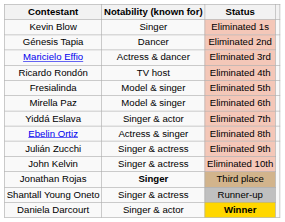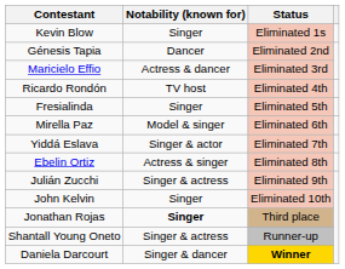 <table class= "wikitable sortable" style="text-align: center; margin:auto; align: center">
 <tr>
 <th>Contestant</th>
 <th>Notability (known for)</th>
 <th>Status</th>
 <th class="unsortable"></th>
 </tr>
 <tr>
 <td>Kevin Blow</td>
 <td>Singer</td>
 <td style="background:#f4c7b8">Eliminated 1s<br></td>
 <td></td>
 </tr>
 <tr>
 <td>Génesis Tapia</td>
 <td>Dancer</td>
 <td style="background:#f4c7b8">Eliminated 2nd<br></td>
 <td rowspan=2></td>
 </tr>
 <tr>
 <td><a href='#'>Maricielo Effio</a></td>
 <td>Actress & dancer</td>
 <td style="background:#f4c7b8">Eliminated 3rd<br></td>
 </tr>
 <tr>
 <td>Ricardo Rondón</td>
 <td>TV host</td>
 <td style="background:#f4c7b8">Eliminated 4th<br></td>
 <td></td>
 </tr>
 <tr>
 <td>Fresialinda</td>
-<td>Model & singer</td>
+<td>Singer</td>
 <td style="background:#f4c7b8">Eliminated 5th<br></td>
 <td></td>
 </tr>
 <tr>
 <td>Mirella Paz</td>
 <td>Model & singer</td>
 <td style="background:#f4c7b8">Eliminated 6th<br></td>
 <td></td>
 </tr>
 <tr>
 <td>Yiddá Eslava</td>
 <td>Singer & actor</td>
 <td style="background:#f4c7b8">Eliminated 7th<br></td>
 <td></td>
 </tr>
 <tr>
 <td><a href='#'>Ebelin Ortiz</a></td>
 <td>Actress & singer</td>
 <td style="background:#f4c7b8">Eliminated 8th<br></td>
 <td></td>
 </tr>
 <tr>
 <td>Julián Zucchi</td>
 <td>Singer & actress</td>
 <td style="background:#f4c7b8">Eliminated 9th<br></td>
 <td rowspan="5"></td>
 </tr>
 <tr>
 <td>John Kelvin</td>
-<td>Singer & actress</td>
+<td>Singer</td>
 <td style="background:#f4c7b8">Eliminated 10th<br></td>
 </tr>
 <tr>
 <td>Jonathan Rojas</td>
 <td><strong>Singer</strong></td>
 <td style="background:tan">Third place<br></td>
 </tr>
 <tr>
 <td>Shantall Young Oneto</td>
 <td>Singer & actress</td>
 <td style="background:silver">Runner-up<br></td>
 </tr>
 <tr>
 <td>Daniela Darcourt</td>
-<td>Singer & actor</td>
+<td>Singer & dancer</td>
 <td style="background:gold"><strong>Winner</strong><br></td>
 </tr>
 </table>
